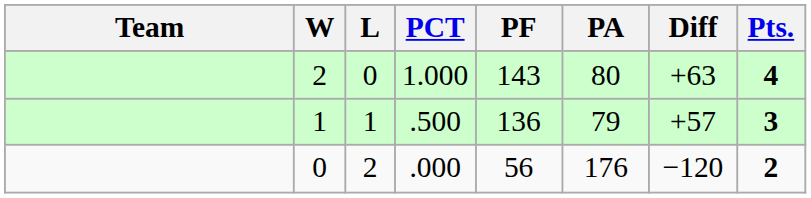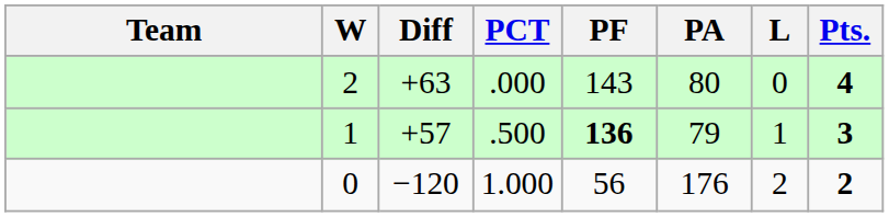 <table class=wikitable>
 <tr align=center>
 <th width=150px>Team</th>
 <th width=20px>W</th>
-<th width=20px>L</th>
+<th width=40px>Diff</th>
 <th><a href='#'>PCT</a></th>
 <th width=40px>PF</th>
 <th width=40px>PA</th>
-<th width=40px>Diff</th>
+<th width=20px>L</th>
 <th width=30px><a href='#'>Pts.</a></th>
 </tr>
 <tr align=center |- bgcolor=#ccffcc>
 <td align=left></td>
 <td>2</td>
-<td>0</td>
-<td>1.000</td>
+<td>+63</td>
+<td>.000</td>
 <td>143</td>
 <td>80</td>
-<td>+63</td>
+<td>0</td>
 <td><strong>4</strong></td>
 </tr>
 <tr align=center |- bgcolor=#ccffcc>
 <td align=left></td>
 <td>1</td>
+<td>+57</td>
+<td>.500</td>
+<td><strong>136</strong></td>
+<td>79</td>
 <td>1</td>
-<td>.500</td>
-<td>136</td>
-<td>79</td>
-<td>+57</td>
 <td><strong>3</strong></td>
 </tr>
 <tr align=center>
 <td align=left></td>
 <td>0</td>
-<td>2</td>
-<td>.000</td>
+<td>−120</td>
+<td>1.000</td>
 <td>56</td>
 <td>176</td>
-<td>−120</td>
+<td>2</td>
 <td><strong>2</strong></td>
 </tr>
 </table>
